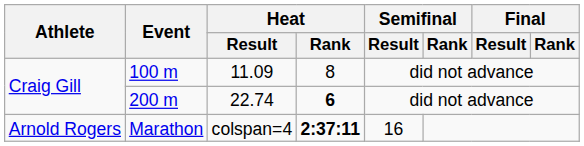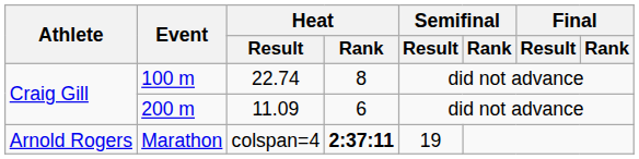 <table class="wikitable" style="font-size:90%; text-align:center">
 <tr>
 <th rowspan=2>Athlete</th>
 <th rowspan=2>Event</th>
 <th colspan=2>Heat</th>
 <th colspan=2>Semifinal</th>
 <th colspan=2>Final</th>
 </tr>
 <tr style="font-size:95%">
 <th>Result</th>
 <th>Rank</th>
 <th>Result</th>
 <th>Rank</th>
 <th>Result</th>
 <th>Rank</th>
 </tr>
 <tr>
 <td align=left rowspan=2><a href='#'>Craig Gill</a></td>
 <td align=left rowspan=1><a href='#'>100 m</a></td>
-<td>11.09</td>
+<td>22.74</td>
 <td>8</td>
 <td colspan=4>did not advance</td>
 </tr>
 <tr>
 <td align=left rowspan=1><a href='#'>200 m</a></td>
-<td>22.74</td>
-<td><strong>6</strong></td>
+<td>11.09</td>
+<td>6</td>
 <td colspan=4>did not advance</td>
 </tr>
 <tr>
 <td align=left><a href='#'>Arnold Rogers</a></td>
 <td align=left rowspan=1><a href='#'>Marathon</a></td>
 <td>colspan=4 </td>
 <td><strong>2:37:11</strong></td>
-<td>16</td>
+<td>19</td>
 </tr>
 </table>
